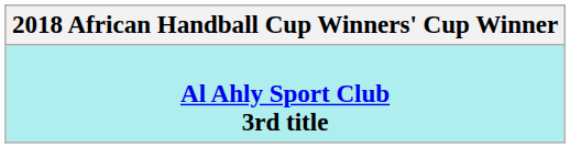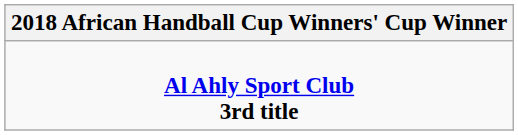 <table class=wikitable style="text-align:center; margin:auto">
 <tr>
 <th>2018 African Handball Cup Winners' Cup Winner</th>
 </tr>
 <tr>
-<td style="background: paleturquoise;"><br><strong><a href='#'>Al Ahly Sport Club</a></strong><br><strong>3rd title</strong></td>
+<td><br><strong><a href='#'>Al Ahly Sport Club</a></strong><br><strong>3rd title</strong></td>
 </tr>
 </table>
